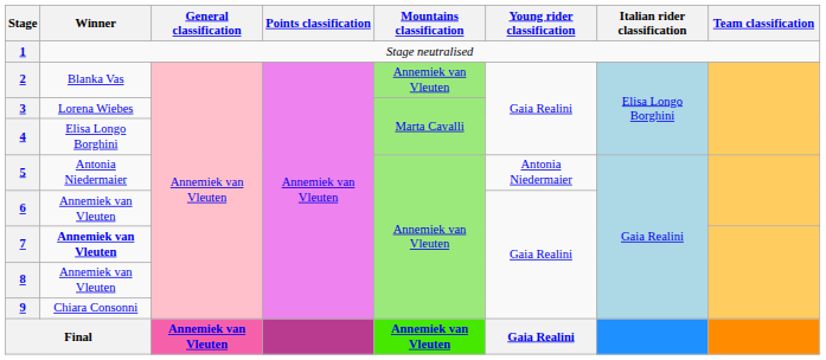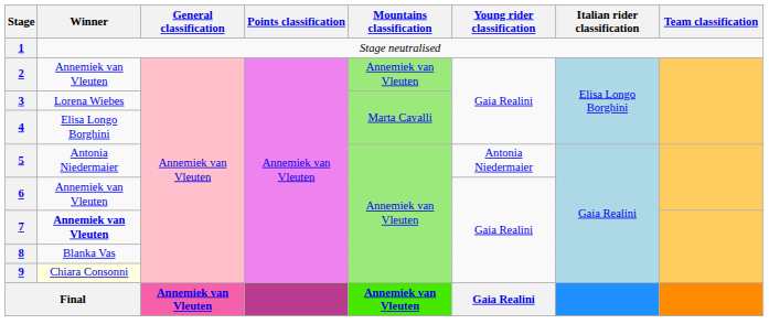 <table class="wikitable" style="text-align: center; font-size:smaller;">
 <tr style="background-color: #efefef;">
 <th width="2%">Stage</th>
 <th width="14%">Winner</th>
 <th width="14%"><a href='#'>General classification</a><br></th>
 <th width="14%"><a href='#'>Points classification</a><br></th>
 <th width="14%"><a href='#'>Mountains classification</a><br></th>
 <th width="14%"><a href='#'>Young rider classification</a><br></th>
 <th width="14%">Italian rider classification<br></th>
 <th width="14%"><a href='#'>Team classification</a></th>
 </tr>
 <tr>
 <th><a href='#'>1</a></th>
 <td colspan=7><em>Stage neutralised</em></td>
 </tr>
 <tr>
 <th><a href='#'>2</a></th>
-<td><a href='#'>Blanka Vas</a></td>
+<td><a href='#'>Annemiek van Vleuten</a></td>
 <td style="background:pink;" rowspan=8><a href='#'>Annemiek van Vleuten</a></td>
 <td style="background:violet;" rowspan=8><a href='#'>Annemiek van Vleuten</a></td>
 <td style="background:#9CE97B;"><a href='#'>Annemiek van Vleuten</a></td>
 <td style="background:offwhite;" rowspan=3><a href='#'>Gaia Realini</a></td>
 <td style="background:lightblue;" rowspan=3><a href='#'>Elisa Longo Borghini</a></td>
 <td style="background:#FFCD5F;" rowspan=3></td>
 </tr>
 <tr>
 <th><a href='#'>3</a></th>
 <td><a href='#'>Lorena Wiebes</a></td>
 <td style="background:#9CE97B;" rowspan=2><a href='#'>Marta Cavalli</a></td>
 </tr>
 <tr>
 <th><a href='#'>4</a></th>
 <td><a href='#'>Elisa Longo Borghini</a></td>
 </tr>
 <tr>
 <th><a href='#'>5</a></th>
 <td><a href='#'>Antonia Niedermaier</a></td>
 <td style="background:#9CE97B;" rowspan=5><a href='#'>Annemiek van Vleuten</a></td>
 <td style="background:offwhite;"><a href='#'>Antonia Niedermaier</a></td>
 <td style="background:lightblue;" rowspan=5><a href='#'>Gaia Realini</a></td>
 <td style="background:#FFCD5F;" rowspan=2></td>
 </tr>
 <tr>
 <th><a href='#'>6</a></th>
 <td><a href='#'>Annemiek van Vleuten</a></td>
 <td style="background:offwhite;" rowspan=4><a href='#'>Gaia Realini</a></td>
 </tr>
 <tr>
 <th><a href='#'>7</a></th>
 <td><strong><a href='#'>Annemiek van Vleuten</a></strong></td>
 <td style="background:#FFCD5F;" rowspan=3></td>
 </tr>
 <tr>
 <th><a href='#'>8</a></th>
-<td><a href='#'>Annemiek van Vleuten</a></td>
+<td><a href='#'>Blanka Vas</a></td>
 </tr>
 <tr>
 <th><a href='#'>9</a></th>
-<td><a href='#'>Chiara Consonni</a></td>
+<td style="background: lightyellow;"><a href='#'>Chiara Consonni</a></td>
 </tr>
 <tr>
 <th colspan="2">Final</th>
 <th style="background:#F660AB;"><a href='#'>Annemiek van Vleuten</a></th>
 <th style="background:#B93B8F;"></th>
 <th style="background:#46E800;"><a href='#'>Annemiek van Vleuten</a></th>
 <th style="background:offwhite;"><a href='#'>Gaia Realini</a></th>
 <th style="background:dodgerblue;"></th>
 <th style="background:#FF8C00;"></th>
 </tr>
 </table>
